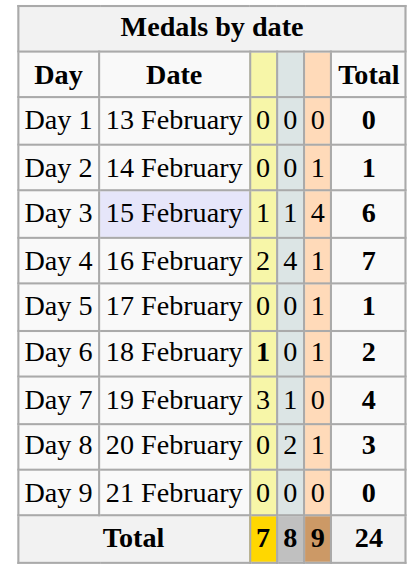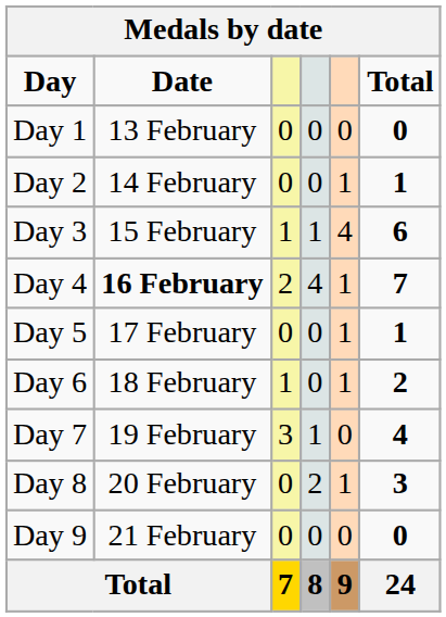 <table class=wikitable style="font-size:85%;float:right;clear:right;">
 <tr bgcolor=efefef>
 <th colspan=6>Medals by date</th>
 </tr>
 <tr align=center>
 <td><strong>Day</strong></td>
 <td><strong>Date</strong></td>
 <td bgcolor=#f7f6a8></td>
 <td bgcolor=#dce5e5></td>
 <td bgcolor=#ffdab9></td>
 <td><strong>Total</strong></td>
 </tr>
 <tr align=center>
 <td>Day 1</td>
 <td>13 February</td>
 <td bgcolor=F7F6A8>0</td>
 <td bgcolor=DCE5E5>0</td>
 <td bgcolor=FFDAB9>0</td>
 <td><strong>0</strong></td>
 </tr>
 <tr align=center>
 <td>Day 2</td>
 <td>14 February</td>
 <td bgcolor=F7F6A8>0</td>
 <td bgcolor=DCE5E5>0</td>
 <td bgcolor=FFDAB9>1</td>
 <td><strong>1</strong></td>
 </tr>
 <tr align=center>
 <td>Day 3</td>
-<td style="background: lavender;">15 February</td>
+<td>15 February</td>
 <td bgcolor=F7F6A8>1</td>
 <td bgcolor=DCE5E5>1</td>
 <td bgcolor=FFDAB9>4</td>
 <td><strong>6</strong></td>
 </tr>
 <tr align=center>
 <td>Day 4</td>
-<td>16 February</td>
+<td><strong>16 February</strong></td>
 <td bgcolor=F7F6A8>2</td>
 <td bgcolor=DCE5E5>4</td>
 <td bgcolor=FFDAB9>1</td>
 <td><strong>7</strong></td>
 </tr>
 <tr align=center>
 <td>Day 5</td>
 <td>17 February</td>
 <td bgcolor=F7F6A8>0</td>
 <td bgcolor=DCE5E5>0</td>
 <td bgcolor=FFDAB9>1</td>
 <td><strong>1</strong></td>
 </tr>
 <tr align=center>
 <td>Day 6</td>
 <td>18 February</td>
-<td bgcolor=F7F6A8><strong>1</strong></td>
+<td bgcolor=F7F6A8>1</td>
 <td bgcolor=DCE5E5>0</td>
 <td bgcolor=FFDAB9>1</td>
 <td><strong>2</strong></td>
 </tr>
 <tr align=center>
 <td>Day 7</td>
 <td>19 February</td>
 <td bgcolor=F7F6A8>3</td>
 <td bgcolor=DCE5E5>1</td>
 <td bgcolor=FFDAB9>0</td>
 <td><strong>4</strong></td>
 </tr>
 <tr align=center>
 <td>Day 8</td>
 <td>20 February</td>
 <td bgcolor=F7F6A8>0</td>
 <td bgcolor=DCE5E5>2</td>
 <td bgcolor=FFDAB9>1</td>
 <td><strong>3</strong></td>
 </tr>
 <tr align=center>
 <td>Day 9</td>
 <td>21 February</td>
 <td bgcolor=F7F6A8>0</td>
 <td bgcolor=DCE5E5>0</td>
 <td bgcolor=FFDAB9>0</td>
 <td><strong>0</strong></td>
 </tr>
 <tr>
 <th colspan=2>Total</th>
 <th style="background:gold">7</th>
 <th style="background:silver">8</th>
 <th style="background:#c96">9</th>
 <th>24</th>
 </tr>
 </table>
